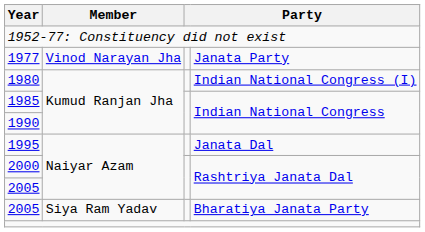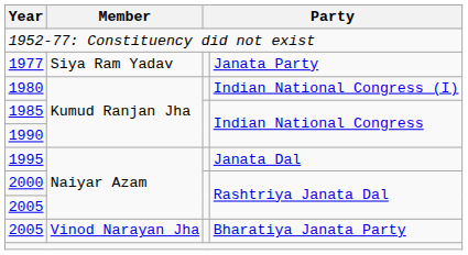 <table class="wikitable">
 <tr>
 <th>Year</th>
 <th>Member</th>
 <th colspan="2">Party</th>
 </tr>
 <tr>
 <td colspan="4"><em>1952-77: Constituency did not exist</em></td>
 </tr>
 <tr>
 <td><a href='#'>1977</a></td>
-<td><a href='#'>Vinod Narayan Jha</a></td>
+<td>Siya Ram Yadav</td>
 <td style="background-color:"></td>
 <td><a href='#'>Janata Party</a></td>
 </tr>
 <tr>
 <td><a href='#'>1980</a></td>
 <td rowspan="3">Kumud Ranjan Jha</td>
 <td style="background-color:"></td>
 <td><a href='#'>Indian National Congress (I)</a></td>
 </tr>
 <tr>
 <td><a href='#'>1985</a></td>
 <td rowspan="2" style="background-color:"></td>
 <td rowspan="2"><a href='#'>Indian National Congress</a></td>
 </tr>
 <tr>
 <td><a href='#'>1990</a></td>
 </tr>
 <tr>
 <td><a href='#'>1995</a></td>
 <td rowspan="3">Naiyar Azam</td>
 <td style="background-color:"></td>
 <td><a href='#'>Janata Dal</a></td>
 </tr>
 <tr>
 <td><a href='#'>2000</a></td>
 <td rowspan="2" style="background-color:"></td>
 <td rowspan="2"><a href='#'>Rashtriya Janata Dal</a></td>
 </tr>
 <tr>
 <td><a href='#'>2005</a></td>
 </tr>
 <tr>
 <td><a href='#'>2005</a></td>
-<td>Siya Ram Yadav</td>
+<td><a href='#'>Vinod Narayan Jha</a></td>
 <td style="background-color:"></td>
 <td><a href='#'>Bharatiya Janata Party</a></td>
 </tr>
 <tr>
 <td colspan="4"></td>
 </tr>
 </table>
